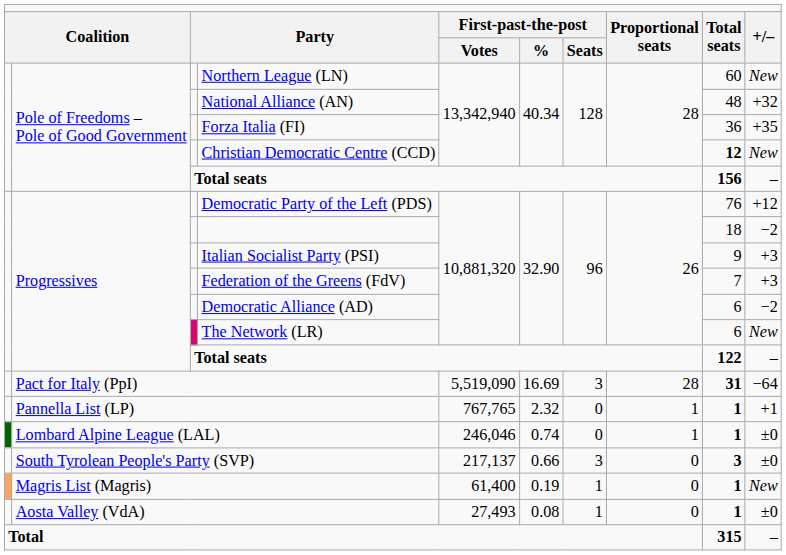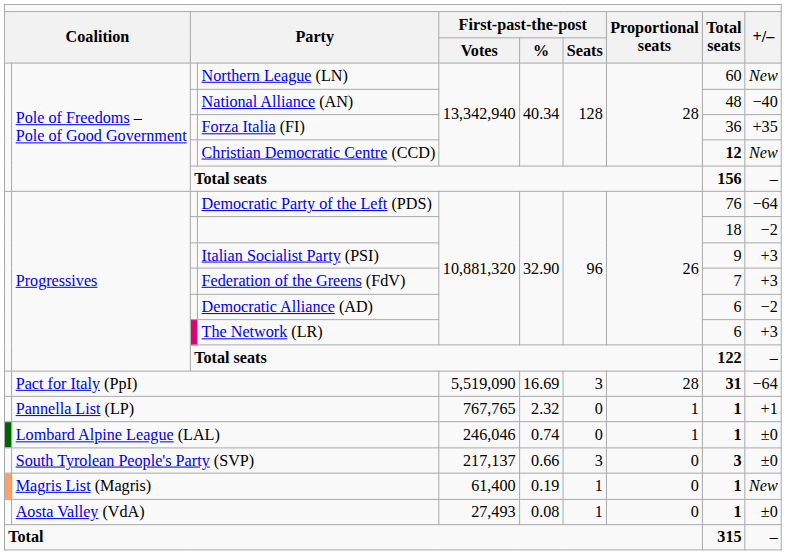 <table class="wikitable" style="text-align:right">
 <tr>
 <td colspan="10" style="text-align:center"></td>
 </tr>
 <tr>
 <th align=left colspan=2 rowspan=2>Coalition</th>
 <th colspan=2 rowspan=2>Party</th>
 <th colspan="3" align="center" valign=top>First-past-the-post</th>
 <th rowspan=2>Proportional <br>seats</th>
 <th rowspan=2>Total <br> seats</th>
 <th align=left rowspan=2>+/–</th>
 </tr>
 <tr>
 <th style="background-color:" align="center" valign=bottom>Votes</th>
 <th style="background-color:" align="center" valign=bottom>%</th>
 <th style="background-color:" align="center" valign=bottom>Seats</th>
 </tr>
 <tr>
 <td rowspan="5"></td>
 <td style="text-align:left;" rowspan="5"><a href='#'>Pole of Freedoms</a> – <br><a href='#'>Pole of Good Government</a></td>
 <td></td>
 <td align=left><a href='#'>Northern League</a> (LN)</td>
 <td rowspan="4">13,342,940</td>
 <td rowspan="4">40.34</td>
 <td rowspan="4">128</td>
 <td rowspan="4">28</td>
 <td>60</td>
 <td><em>New</em></td>
 </tr>
 <tr>
 <td></td>
 <td align=left><a href='#'>National Alliance</a> (AN)</td>
 <td>48</td>
-<td><span>+32 </span></td>
+<td><span>−40</span></td>
 </tr>
 <tr>
 <td></td>
 <td align=left><a href='#'>Forza Italia</a> (FI)</td>
 <td>36</td>
 <td><span>+35 </span></td>
 </tr>
 <tr>
 <td></td>
 <td align="left"><a href='#'>Christian Democratic Centre</a> (CCD)</td>
 <td><strong>12</strong></td>
 <td><em>New</em></td>
 </tr>
 <tr>
 <td colspan=6 align=left><strong>Total seats</strong></td>
 <td><strong>156</strong></td>
 <td>–</td>
 </tr>
 <tr>
 <td rowspan="7" style="background:"></td>
 <td style="text-align:left;" rowspan="7"><a href='#'>Progressives</a></td>
 <td></td>
 <td align=left><a href='#'>Democratic Party of the Left</a> (PDS)</td>
 <td rowspan="6">10,881,320</td>
 <td rowspan="6">32.90</td>
 <td rowspan="6">96</td>
 <td rowspan="6">26</td>
 <td>76</td>
-<td><span>+12 </span></td>
+<td><span>−64</span></td>
 </tr>
 <tr>
 <td></td>
 <td align=left></td>
 <td>18</td>
 <td><span>−2</span></td>
 </tr>
 <tr>
 <td></td>
 <td align=left><a href='#'>Italian Socialist Party</a> (PSI)</td>
 <td>9</td>
 <td><span>+3 </span></td>
 </tr>
 <tr>
 <td></td>
 <td align=left><a href='#'>Federation of the Greens</a> (FdV)</td>
 <td>7</td>
 <td><span>+3 </span></td>
 </tr>
 <tr>
 <td></td>
 <td align=left><a href='#'>Democratic Alliance</a> (AD)</td>
 <td>6</td>
 <td><span>−2</span></td>
 </tr>
 <tr>
 <td bgcolor="#DF0174"></td>
 <td align=left><a href='#'>The Network</a> (LR)</td>
 <td>6</td>
-<td><em>New</em></td>
+<td><span>+3 </span></td>
 </tr>
 <tr>
 <td colspan=6 align=left><strong>Total seats</strong></td>
 <td><strong>122</strong></td>
 <td>–</td>
 </tr>
 <tr>
 <td></td>
 <td colspan=3 align=left><a href='#'>Pact for Italy</a> (PpI)</td>
 <td>5,519,090</td>
 <td>16.69</td>
 <td>3</td>
 <td>28</td>
 <td><strong>31</strong></td>
 <td><span>−64</span></td>
 </tr>
 <tr>
 <td></td>
 <td colspan=3 align=left><a href='#'>Pannella List</a> (LP)</td>
 <td>767,765</td>
 <td>2.32</td>
 <td>0</td>
 <td>1</td>
 <td><strong>1</strong></td>
 <td><span>+1 </span></td>
 </tr>
 <tr>
 <td style="background:darkgreen;"></td>
 <td colspan=3 align=left><a href='#'>Lombard Alpine League</a> (LAL)</td>
 <td>246,046</td>
 <td>0.74</td>
 <td>0</td>
 <td>1</td>
 <td><strong>1</strong></td>
 <td>±0</td>
 </tr>
 <tr>
 <td style="background:"></td>
 <td colspan=3 align=left><a href='#'>South Tyrolean People's Party</a> (SVP)</td>
 <td>217,137</td>
 <td>0.66</td>
 <td>3</td>
 <td>0</td>
 <td><strong>3</strong></td>
 <td>±0</td>
 </tr>
 <tr>
 <td style="background:#FFA364;"></td>
 <td colspan=3 align=left><a href='#'>Magris List</a> (Magris)</td>
 <td>61,400</td>
 <td>0.19</td>
 <td>1</td>
 <td>0</td>
 <td><strong>1</strong></td>
 <td><em>New</em></td>
 </tr>
 <tr>
 <td style="background:"></td>
 <td colspan=3 align=left><a href='#'>Aosta Valley</a> (VdA)</td>
 <td>27,493</td>
 <td>0.08</td>
 <td>1</td>
 <td>0</td>
 <td><strong>1</strong></td>
 <td>±0</td>
 </tr>
 <tr>
 <td colspan=8 align=left><strong>Total</strong></td>
 <td><strong>315</strong></td>
 <td>–</td>
 </tr>
 </table>
